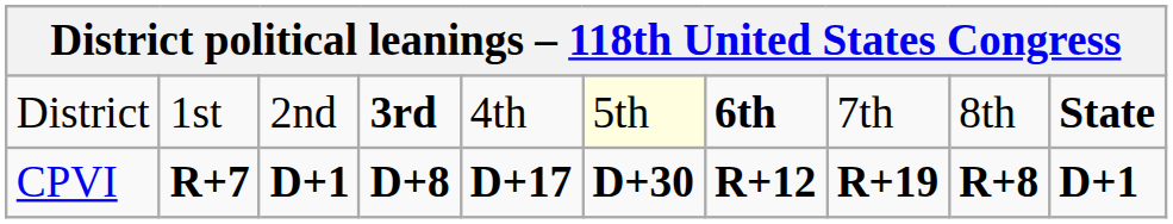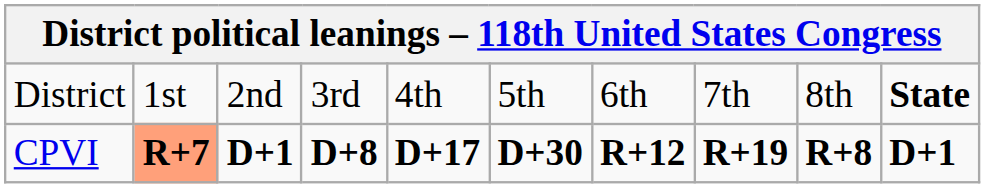 <table class="wikitable">
 <tr>
 <th colspan="11">District political leanings – <a href='#'>118th United States Congress</a></th>
 </tr>
 <tr>
 <td>District</td>
 <td>1st</td>
 <td>2nd</td>
-<td><strong>3rd</strong></td>
+<td>3rd</td>
 <td>4th</td>
-<td style="background: lightyellow;">5th</td>
-<td><strong>6th</strong></td>
+<td>5th</td>
+<td>6th</td>
 <td>7th</td>
 <td>8th</td>
 <td><strong>State</strong></td>
 </tr>
 <tr>
 <td><a href='#'>CPVI</a></td>
-<td><strong>R+7</strong></td>
+<td style="background: lightsalmon;"><strong>R+7</strong></td>
 <td><strong>D+1</strong></td>
 <td><strong>D+8</strong></td>
 <td><strong>D+17</strong></td>
 <td><strong>D+30</strong></td>
 <td><strong>R+12</strong></td>
 <td><strong>R+19</strong></td>
 <td><strong>R+8</strong></td>
 <td><strong>D+1</strong></td>
 </tr>
 </table>
